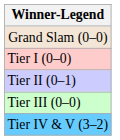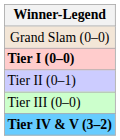 <table class="wikitable sortable mw-collapsible mw-collapsed">
 <tr>
 <th>Winner-Legend</th>
 </tr>
 <tr>
 <td align=center colspan=2 bgcolor=#f3e6d7>Grand Slam (0–0)</td>
 </tr>
 <tr>
-<td bgcolor=#ffcccc>Tier I (0–0)</td>
+<td bgcolor=#ffcccc><strong>Tier I (0–0)</strong></td>
 </tr>
 <tr>
 <td bgcolor=#ccccff>Tier II (0–1)</td>
 </tr>
 <tr>
 <td bgcolor=#CCFFCC>Tier III (0–0)</td>
 </tr>
 <tr>
-<td bgcolor=#66CCFF>Tier IV & V (3–2)</td>
+<td bgcolor=#66CCFF><strong>Tier IV & V (3–2)</strong></td>
 </tr>
 </table>
